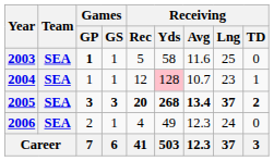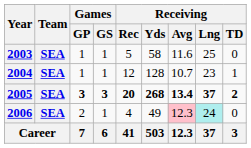 <table class="wikitable" style="text-align:center;">
 <tr>
 <th rowspan="2">Year</th>
 <th rowspan="2">Team</th>
 <th colspan="2">Games</th>
 <th colspan="5">Receiving</th>
 </tr>
 <tr>
 <th>GP</th>
 <th>GS</th>
 <th>Rec</th>
 <th>Yds</th>
 <th>Avg</th>
 <th>Lng</th>
 <th>TD</th>
 </tr>
 <tr>
 <th><a href='#'>2003</a></th>
 <th><a href='#'>SEA</a></th>
-<td><strong>1</strong></td>
+<td>1</td>
 <td>1</td>
 <td>5</td>
 <td>58</td>
 <td>11.6</td>
 <td>25</td>
 <td>0</td>
 </tr>
 <tr>
 <th><a href='#'>2004</a></th>
 <th><a href='#'>SEA</a></th>
 <td>1</td>
 <td>1</td>
 <td>12</td>
-<td style="background: pink;">128</td>
+<td>128</td>
 <td>10.7</td>
 <td>23</td>
 <td>1</td>
 </tr>
 <tr>
 <th><a href='#'>2005</a></th>
 <th><a href='#'>SEA</a></th>
 <td><strong>3</strong></td>
 <td><strong>3</strong></td>
 <td><strong>20</strong></td>
 <td><strong>268</strong></td>
 <td><strong>13.4</strong></td>
 <td><strong>37</strong></td>
 <td><strong>2</strong></td>
 </tr>
 <tr>
 <th><a href='#'>2006</a></th>
 <th><a href='#'>SEA</a></th>
 <td>2</td>
 <td>1</td>
 <td>4</td>
 <td>49</td>
-<td>12.3</td>
-<td>24</td>
+<td style="background: pink;">12.3</td>
+<td style="background: paleturquoise;">24</td>
 <td>0</td>
 </tr>
 <tr>
 <th colspan="2">Career</th>
 <th>7</th>
 <th>6</th>
 <th>41</th>
 <th>503</th>
 <th>12.3</th>
 <th>37</th>
 <th>3</th>
 </tr>
 </table>
